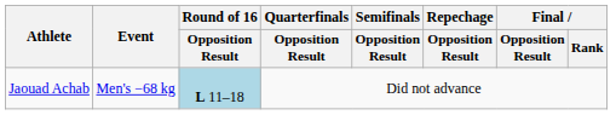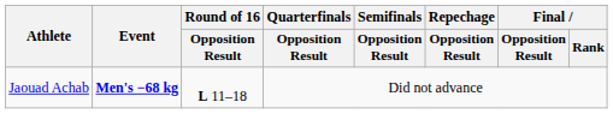 <table class="wikitable" style="font-size:90%;">
 <tr>
 <th rowspan=2>Athlete</th>
 <th rowspan=2>Event</th>
 <th>Round of 16</th>
 <th>Quarterfinals</th>
 <th>Semifinals</th>
 <th>Repechage</th>
 <th colspan=2>Final / </th>
 </tr>
 <tr style="font-size:95%">
 <th>Opposition<br>Result</th>
 <th>Opposition<br>Result</th>
 <th>Opposition<br>Result</th>
 <th>Opposition<br>Result</th>
 <th>Opposition<br>Result</th>
 <th>Rank</th>
 </tr>
 <tr align=center>
 <td align=left><a href='#'>Jaouad Achab</a></td>
-<td align=left><a href='#'>Men's −68 kg</a></td>
-<td style="background: lightblue;"><br><strong>L</strong> 11–18</td>
+<td align=left><strong><a href='#'>Men's −68 kg</a></strong></td>
+<td><br><strong>L</strong> 11–18</td>
 <td colspan=5>Did not advance</td>
 </tr>
 </table>
